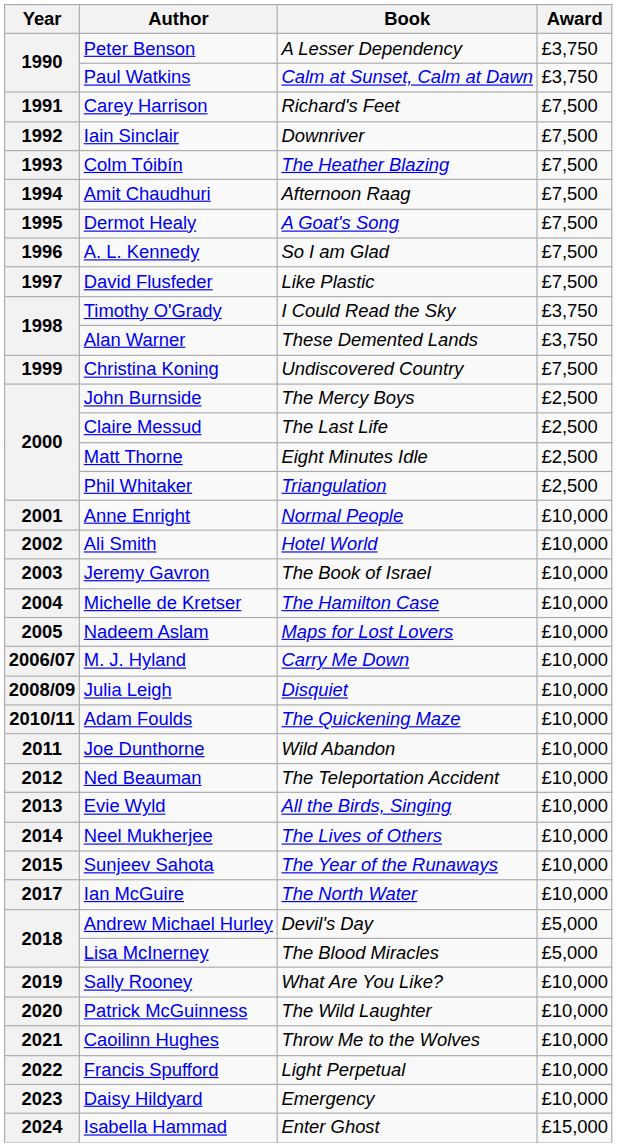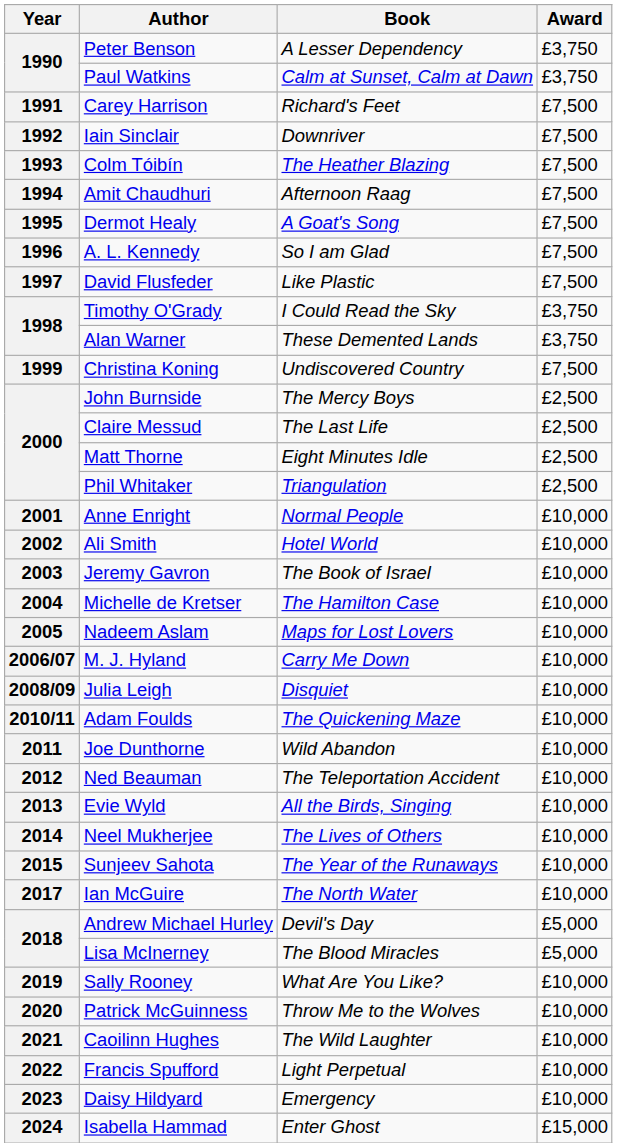 <table class="wikitable">
 <tr>
 <th>Year</th>
 <th>Author</th>
 <th>Book</th>
 <th>Award</th>
 </tr>
 <tr>
 <th rowspan="2">1990</th>
 <td><a href='#'>Peter Benson</a></td>
 <td><em>A Lesser Dependency</em></td>
 <td>£3,750</td>
 </tr>
 <tr>
 <td><a href='#'>Paul Watkins</a></td>
 <td><em><a href='#'>Calm at Sunset, Calm at Dawn</a></em></td>
 <td>£3,750</td>
 </tr>
 <tr>
 <th>1991</th>
 <td><a href='#'>Carey Harrison</a></td>
 <td><em>Richard's Feet</em></td>
 <td>£7,500</td>
 </tr>
 <tr>
 <th>1992</th>
 <td><a href='#'>Iain Sinclair</a></td>
 <td><em>Downriver</em></td>
 <td>£7,500</td>
 </tr>
 <tr>
 <th>1993</th>
 <td><a href='#'>Colm Tóibín</a></td>
 <td><em><a href='#'>The Heather Blazing</a></em></td>
 <td>£7,500</td>
 </tr>
 <tr>
 <th>1994</th>
 <td><a href='#'>Amit Chaudhuri</a></td>
 <td><em>Afternoon Raag</em></td>
 <td>£7,500</td>
 </tr>
 <tr>
 <th>1995</th>
 <td><a href='#'>Dermot Healy</a></td>
 <td><em><a href='#'>A Goat's Song</a></em></td>
 <td>£7,500</td>
 </tr>
 <tr>
 <th>1996</th>
 <td><a href='#'>A. L. Kennedy</a></td>
 <td><em>So I am Glad</em></td>
 <td>£7,500</td>
 </tr>
 <tr>
 <th>1997</th>
 <td><a href='#'>David Flusfeder</a></td>
 <td><em>Like Plastic</em></td>
 <td>£7,500</td>
 </tr>
 <tr>
 <th rowspan="2">1998</th>
 <td><a href='#'>Timothy O'Grady</a></td>
 <td><em>I Could Read the Sky</em></td>
 <td>£3,750</td>
 </tr>
 <tr>
 <td><a href='#'>Alan Warner</a></td>
 <td><em>These Demented Lands</em></td>
 <td>£3,750</td>
 </tr>
 <tr>
 <th>1999</th>
 <td><a href='#'>Christina Koning</a></td>
 <td><em>Undiscovered Country</em></td>
 <td>£7,500</td>
 </tr>
 <tr>
 <th rowspan="4">2000</th>
 <td><a href='#'>John Burnside</a></td>
 <td><em>The Mercy Boys</em></td>
 <td>£2,500</td>
 </tr>
 <tr>
 <td><a href='#'>Claire Messud</a></td>
 <td><em>The Last Life</em></td>
 <td>£2,500</td>
 </tr>
 <tr>
 <td><a href='#'>Matt Thorne</a></td>
 <td><em>Eight Minutes Idle</em></td>
 <td>£2,500</td>
 </tr>
 <tr>
 <td><a href='#'>Phil Whitaker</a></td>
 <td><em><a href='#'>Triangulation</a></em></td>
 <td>£2,500</td>
 </tr>
 <tr>
 <th>2001</th>
 <td><a href='#'>Anne Enright</a></td>
 <td><em><a href='#'>Normal People</a></em></td>
 <td>£10,000</td>
 </tr>
 <tr>
 <th>2002</th>
 <td><a href='#'>Ali Smith</a></td>
 <td><em><a href='#'>Hotel World</a></em></td>
 <td>£10,000</td>
 </tr>
 <tr>
 <th>2003</th>
 <td><a href='#'>Jeremy Gavron</a></td>
 <td><em>The Book of Israel</em></td>
 <td>£10,000</td>
 </tr>
 <tr>
 <th>2004</th>
 <td><a href='#'>Michelle de Kretser</a></td>
 <td><em><a href='#'>The Hamilton Case</a></em></td>
 <td>£10,000</td>
 </tr>
 <tr>
 <th>2005</th>
 <td><a href='#'>Nadeem Aslam</a></td>
 <td><em><a href='#'>Maps for Lost Lovers</a></em></td>
 <td>£10,000</td>
 </tr>
 <tr>
 <th>2006/07</th>
 <td><a href='#'>M. J. Hyland</a></td>
 <td><em><a href='#'>Carry Me Down</a></em></td>
 <td>£10,000</td>
 </tr>
 <tr>
 <th>2008/09</th>
 <td><a href='#'>Julia Leigh</a></td>
 <td><em><a href='#'>Disquiet</a></em></td>
 <td>£10,000</td>
 </tr>
 <tr>
 <th>2010/11</th>
 <td><a href='#'>Adam Foulds</a></td>
 <td><em><a href='#'>The Quickening Maze</a></em></td>
 <td>£10,000</td>
 </tr>
 <tr>
 <th>2011</th>
 <td><a href='#'>Joe Dunthorne</a></td>
 <td><em>Wild Abandon</em></td>
 <td>£10,000</td>
 </tr>
 <tr>
 <th>2012</th>
 <td><a href='#'>Ned Beauman</a></td>
 <td><em>The Teleportation Accident</em></td>
 <td>£10,000</td>
 </tr>
 <tr>
 <th>2013</th>
 <td><a href='#'>Evie Wyld</a></td>
 <td><em><a href='#'>All the Birds, Singing</a></em></td>
 <td>£10,000</td>
 </tr>
 <tr>
 <th>2014</th>
 <td><a href='#'>Neel Mukherjee</a></td>
 <td><em><a href='#'>The Lives of Others</a></em></td>
 <td>£10,000</td>
 </tr>
 <tr>
 <th>2015</th>
 <td><a href='#'>Sunjeev Sahota</a></td>
 <td><em><a href='#'>The Year of the Runaways</a></em></td>
 <td>£10,000</td>
 </tr>
 <tr>
 <th>2017</th>
 <td><a href='#'>Ian McGuire</a></td>
 <td><em><a href='#'>The North Water</a></em></td>
 <td>£10,000</td>
 </tr>
 <tr>
 <th rowspan="2">2018</th>
 <td><a href='#'>Andrew Michael Hurley</a></td>
 <td><em>Devil's Day</em></td>
 <td>£5,000</td>
 </tr>
 <tr>
 <td><a href='#'>Lisa McInerney</a></td>
 <td><em>The Blood Miracles</em></td>
 <td>£5,000</td>
 </tr>
 <tr>
 <th>2019</th>
 <td><a href='#'>Sally Rooney</a></td>
 <td><em>What Are You Like?</em></td>
 <td>£10,000</td>
 </tr>
 <tr>
 <th>2020</th>
 <td><a href='#'>Patrick McGuinness</a></td>
-<td><em>The Wild Laughter</em></td>
+<td><em>Throw Me to the Wolves</em></td>
 <td>£10,000</td>
 </tr>
 <tr>
 <th>2021</th>
 <td><a href='#'>Caoilinn Hughes</a></td>
-<td><em>Throw Me to the Wolves</em></td>
+<td><em>The Wild Laughter</em></td>
 <td>£10,000</td>
 </tr>
 <tr>
 <th>2022</th>
 <td><a href='#'>Francis Spufford</a></td>
 <td><em>Light Perpetual</em></td>
 <td>£10,000</td>
 </tr>
 <tr>
 <th>2023</th>
 <td><a href='#'>Daisy Hildyard</a></td>
 <td><em>Emergency</em></td>
 <td>£10,000</td>
 </tr>
 <tr>
 <th>2024</th>
 <td><a href='#'>Isabella Hammad</a></td>
 <td><em>Enter Ghost</em></td>
 <td>£15,000</td>
 </tr>
 </table>
